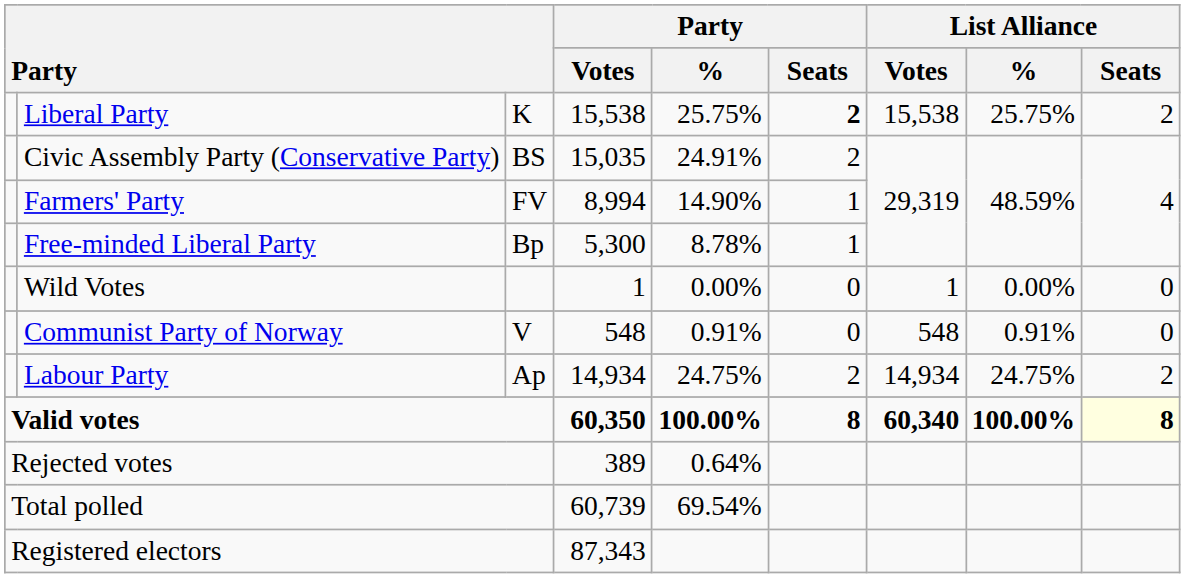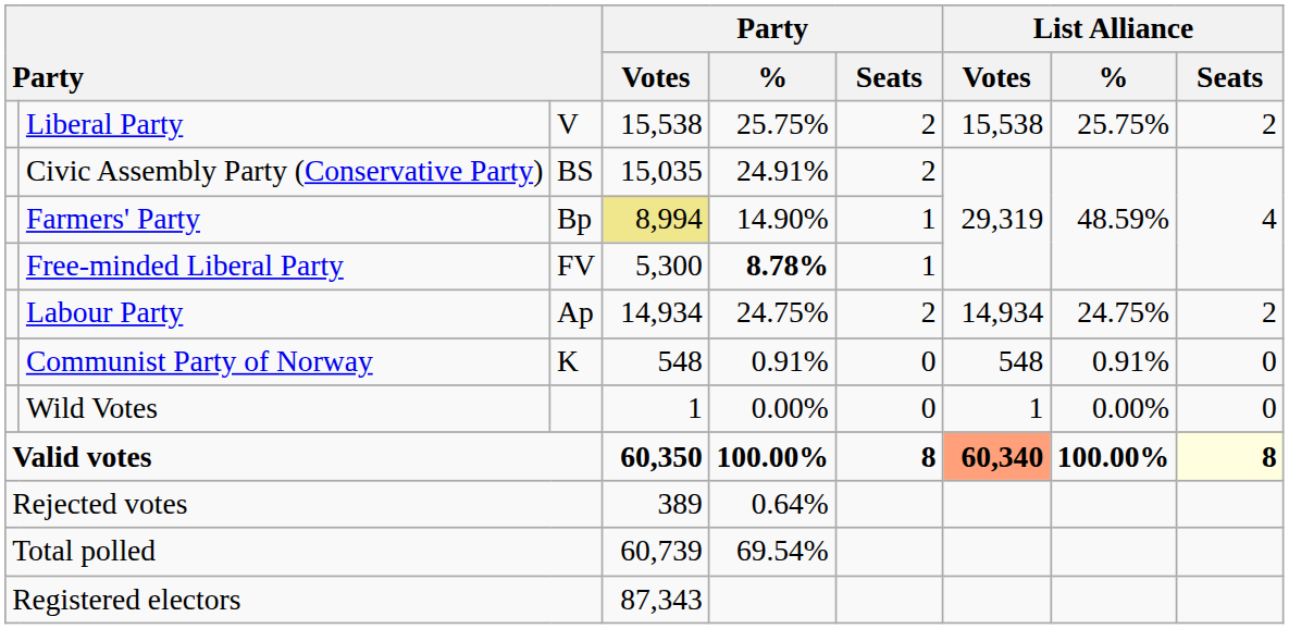 <table class="wikitable" border="1" style="text-align:right;">
 <tr>
 <th style="text-align:left;" valign=bottom rowspan=2 colspan=3>Party</th>
 <th colspan=3>Party</th>
 <th colspan=3>List Alliance</th>
 </tr>
 <tr>
 <th align=center valign=bottom width="50">Votes</th>
 <th align=center valign=bottom width="50">%</th>
 <th align=center valign=bottom width="50">Seats</th>
 <th align=center valign=bottom width="50">Votes</th>
 <th align=center valign=bottom width="50">%</th>
 <th align=center valign=bottom width="50">Seats</th>
 </tr>
 <tr>
 <td style="color:inherit;background:"></td>
 <td align=left><a href='#'>Liberal Party</a></td>
-<td align=left>K</td>
+<td align=left>V</td>
 <td>15,538</td>
 <td>25.75%</td>
-<td><strong>2</strong></td>
+<td>2</td>
 <td>15,538</td>
 <td>25.75%</td>
 <td>2</td>
 </tr>
 <tr>
 <td></td>
 <td align=left>Civic Assembly Party (<a href='#'>Conservative Party</a>)</td>
 <td align=left>BS</td>
 <td>15,035</td>
 <td>24.91%</td>
 <td>2</td>
 <td rowspan=3>29,319</td>
 <td rowspan=3>48.59%</td>
 <td rowspan=3>4</td>
 </tr>
 <tr>
 <td style="color:inherit;background:"></td>
 <td align=left><a href='#'>Farmers' Party</a></td>
-<td align=left>FV</td>
-<td>8,994</td>
+<td align=left>Bp</td>
+<td style="background: khaki;">8,994</td>
 <td>14.90%</td>
 <td>1</td>
 </tr>
 <tr>
 <td style="color:inherit;background:"></td>
 <td align=left><a href='#'>Free-minded Liberal Party</a></td>
-<td align=left>Bp</td>
+<td align=left>FV</td>
 <td>5,300</td>
-<td>8.78%</td>
+<td><strong>8.78%</strong></td>
 <td>1</td>
+</tr>
+<tr>
+<td style="color:inherit;background:"></td>
+<td align=left><a href='#'>Labour Party</a></td>
+<td align=left>Ap</td>
+<td>14,934</td>
+<td>24.75%</td>
+<td>2</td>
+<td>14,934</td>
+<td>24.75%</td>
+<td>2</td>
+</tr>
+<tr>
+<td style="color:inherit;background:"></td>
+<td align=left><a href='#'>Communist Party of Norway</a></td>
+<td align=left>K</td>
+<td>548</td>
+<td>0.91%</td>
+<td>0</td>
+<td>548</td>
+<td>0.91%</td>
+<td>0</td>
 </tr>
 <tr>
 <td></td>
 <td align=left>Wild Votes</td>
 <td align=left></td>
 <td>1</td>
 <td>0.00%</td>
 <td>0</td>
 <td>1</td>
 <td>0.00%</td>
 <td>0</td>
 </tr>
-<tr>
-<td style="color:inherit;background:"></td>
-<td align=left><a href='#'>Communist Party of Norway</a></td>
-<td align=left>V</td>
-<td>548</td>
-<td>0.91%</td>
-<td>0</td>
-<td>548</td>
-<td>0.91%</td>
-<td>0</td>
-</tr>
-<tr>
-<td style="color:inherit;background:"></td>
-<td align=left><a href='#'>Labour Party</a></td>
-<td align=left>Ap</td>
-<td>14,934</td>
-<td>24.75%</td>
-<td>2</td>
-<td>14,934</td>
-<td>24.75%</td>
-<td>2</td>
-</tr>
 <tr style="font-weight:bold">
 <td align=left colspan=3>Valid votes</td>
 <td>60,350</td>
 <td>100.00%</td>
 <td>8</td>
-<td>60,340</td>
+<td style="background: lightsalmon;">60,340</td>
 <td>100.00%</td>
 <td style="background: lightyellow;">8</td>
 </tr>
 <tr>
 <td align=left colspan=3>Rejected votes</td>
 <td>389</td>
 <td>0.64%</td>
 <td></td>
 <td></td>
 <td></td>
 <td></td>
 </tr>
 <tr>
 <td align=left colspan=3>Total polled</td>
 <td>60,739</td>
 <td>69.54%</td>
 <td></td>
 <td></td>
 <td></td>
 <td></td>
 </tr>
 <tr>
 <td align=left colspan=3>Registered electors</td>
 <td>87,343</td>
 <td></td>
 <td></td>
 <td></td>
 <td></td>
 <td></td>
 </tr>
 </table>
